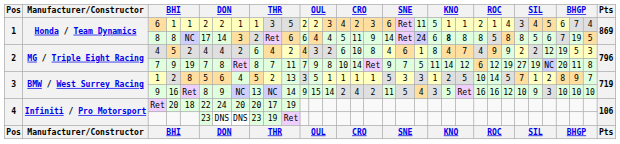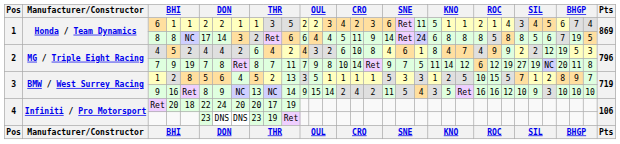 <table class="wikitable" style="font-size: 85%; text-align: center;">
 <tr valign="top">
 <th valign="middle">Pos</th>
 <th valign="middle">Manufacturer/Constructor</th>
 <th colspan="3"><a href='#'>BHI</a></th>
 <th colspan="3"><a href='#'>DON</a></th>
 <th colspan="3"><a href='#'>THR</a></th>
 <th colspan="3"><a href='#'>OUL</a></th>
 <th colspan="3"><a href='#'>CRO</a></th>
 <th colspan="3"><a href='#'>SNE</a></th>
 <th colspan="3"><a href='#'>KNO</a></th>
 <th colspan="3"><a href='#'>ROC</a></th>
 <th colspan="3"><a href='#'>SIL</a></th>
 <th colspan="3"><a href='#'>BHGP</a></th>
 <th valign=middle>Pts</th>
 </tr>
 <tr>
 <th rowspan=2>1</th>
 <th rowspan=2 align=left><a href='#'>Honda</a> / <a href='#'>Team Dynamics</a></th>
 <td style="background:#ffdf9f;">6</td>
 <td style="background:#ffffbf;">1</td>
 <td style="background:#ffffbf;">1</td>
 <td style="background:#ffffbf;">2</td>
 <td style="background:#ffffbf;">2</td>
 <td style="background:#ffffbf;">1</td>
 <td style="background:#ffffbf;">1</td>
 <td style="background:#dfdfdf;">3</td>
 <td style="background:#dfdfdf;">5</td>
 <td style="background:#ffffbf;">2</td>
 <td style="background:#ffffbf;">2</td>
 <td style="background:#ffdf9f;">3</td>
 <td style="background:#ffdf9f;">4</td>
 <td style="background:#ffdf9f;">2</td>
 <td style="background:#ffdf9f;">3</td>
 <td style="background:#ffdf9f;">6</td>
 <td style="background:#efcfff;">Ret</td>
 <td style="background:#dfffdf;">11</td>
 <td style="background:#dfffdf;">5</td>
 <td style="background:#ffffbf;">1</td>
 <td style="background:#ffffbf;">1</td>
 <td style="background:#ffffbf;">2</td>
 <td style="background:#ffffbf;">1</td>
 <td style="background:#ffffbf;">4</td>
 <td style="background:#dfdfdf;">3</td>
 <td style="background:#ffdf9f;">4</td>
 <td style="background:#ffdf9f;">5</td>
 <td style="background:#ffffbf;">6</td>
 <td style="background:#dfdfdf;">7</td>
 <td style="background:#dfdfdf;">4</td>
 <th rowspan=2>869</th>
 </tr>
 <tr>
 <td style="background:#dfffdf;">8</td>
 <td style="background:#dfffdf;">8</td>
 <td style="background:#cfcfff;">NC</td>
 <td style="background:#dfffdf;">17</td>
 <td style="background:#dfffdf;">14</td>
 <td style="background:#ffdf9f;">3</td>
 <td style="background:#dfdfdf;">2</td>
 <td style="background:#efcfff;">Ret</td>
 <td style="background:#ffdf9f;">6</td>
 <td style="background:#dfffdf;">6</td>
 <td style="background:#ffdf9f;">4</td>
 <td style="background:#dfffdf;">4</td>
 <td style="background:#dfffdf;">5</td>
 <td style="background:#dfffdf;">11</td>
 <td style="background:#dfffdf;">9</td>
 <td style="background:#dfffdf;">14</td>
 <td style="background:#efcfff;">Ret</td>
 <td style="background:#cfcfff;">24</td>
 <td style="background:#dfffdf;">6</td>
-<td style="background:#dfffdf;"><strong>8</strong></td>
+<td style="background:#dfffdf;">8</td>
 <td style="background:#dfffdf;">8</td>
 <td style="background:#dfffdf;">8</td>
 <td style="background:#dfdfdf;">5</td>
 <td style="background:#ffdf9f;">8</td>
 <td style="background:#dfffdf;">8</td>
 <td style="background:#dfffdf;">5</td>
 <td style="background:#dfffdf;">6</td>
 <td style="background:#dfdfdf;">7</td>
 <td style="background:#dfffdf;">19</td>
 <td style="background:#ffdf9f;">5</td>
 </tr>
 <tr>
 <th rowspan=2>2</th>
 <th rowspan=2 align=left><a href='#'>MG</a> / <a href='#'>Triple Eight Racing</a></th>
 <td style="background:#dfdfdf;">4</td>
 <td style="background:#ffdf9f;">5</td>
 <td style="background:#dfdfdf;">2</td>
 <td style="background:#dfdfdf;">4</td>
 <td style="background:#dfdfdf;">4</td>
 <td style="background:#dfdfdf;">2</td>
 <td style="background:#dfffdf;">6</td>
 <td style="background:#ffdf9f;">4</td>
 <td style="background:#ffffbf;">2</td>
 <td style="background:#ffdf9f;">4</td>
 <td style="background:#dfdfdf;">3</td>
 <td style="background:#dfdfdf;">2</td>
 <td style="background:#dfffdf;">6</td>
 <td style="background:#dfffdf;">10</td>
 <td style="background:#dfffdf;">8</td>
 <td style="background:#ffffbf;">4</td>
 <td style="background:#ffdf9f;">6</td>
 <td style="background:#ffffbf;">1</td>
 <td style="background:#dfffdf;">8</td>
 <td style="background:#ffdf9f;">4</td>
 <td style="background:#ffdf9f;">7</td>
 <td style="background:#dfdfdf;">4</td>
 <td style="background:#ffdf9f;">9</td>
 <td style="background:#dfffdf;">9</td>
 <td style="background:#ffffbf;">2</td>
 <td style="background:#dfdfdf;">2</td>
 <td style="background:#dfffdf;">12</td>
 <td style="background:#dfffdf;">19</td>
 <td style="background:#ffffbf;">5</td>
 <td style="background:#ffffbf;">3</td>
 <th rowspan=2>796</th>
 </tr>
 <tr>
 <td style="background:#dfffdf;">7</td>
 <td style="background:#dfffdf;">9</td>
 <td style="background:#dfffdf;">19</td>
 <td style="background:#dfffdf;">7</td>
 <td style="background:#dfffdf;">8</td>
 <td style="background:#efcfff;">Ret</td>
 <td style="background:#dfffdf;">8</td>
 <td style="background:#dfffdf;">7</td>
 <td style="background:#dfffdf;">11</td>
 <td style="background:#dfffdf;">7</td>
 <td style="background:#dfffdf;">9</td>
 <td style="background:#dfffdf;">8</td>
 <td style="background:#dfffdf;">10</td>
 <td style="background:#dfffdf;">14</td>
 <td style="background:#efcfff;">Ret</td>
 <td style="background:#dfffdf;">9</td>
 <td style="background:#dfffdf;">7</td>
 <td style="background:#dfffdf;">5</td>
 <td style="background:#dfffdf;">11</td>
 <td style="background:#dfffdf;">14</td>
 <td style="background:#dfffdf;">12</td>
 <td style="background:#ffdf9f;">6</td>
 <td style="background:#dfffdf;">12</td>
 <td style="background:#dfffdf;">19</td>
 <td style="background:#dfffdf;">27</td>
 <td style="background:#dfffdf;">19</td>
 <td style="background:#cfcfff;">NC</td>
 <td style="background:#dfffdf;">20</td>
 <td style="background:#dfffdf;">11</td>
 <td style="background:#dfffdf;">8</td>
 </tr>
 <tr>
 <th rowspan=2>3</th>
 <th rowspan=2 align=left nowrap><a href='#'>BMW</a> / <a href='#'>West Surrey Racing</a></th>
 <td style="background:#ffffbf;">1</td>
 <td style="background:#dfdfdf;">2</td>
 <td style="background:#ffdf9f;">8</td>
 <td style="background:#ffdf9f;">5</td>
 <td style="background:#ffdf9f;">6</td>
 <td style="background:#dfffdf;">4</td>
 <td style="background:#ffdf9f;">5</td>
 <td style="background:#ffffbf;">2</td>
 <td style="background:#dfffdf;">13</td>
 <td style="background:#dfdfdf;">3</td>
 <td style="background:#dfffdf;">5</td>
 <td style="background:#ffffbf;">1</td>
 <td style="background:#ffffbf;">1</td>
 <td style="background:#ffffbf;">1</td>
 <td style="background:#ffffbf;">1</td>
 <td style="background:#dfdfdf;">5</td>
 <td style="background:#ffffbf;">3</td>
 <td style="background:#dfdfdf;">3</td>
 <td style="background:#ffffbf;">1</td>
 <td style="background:#dfdfdf;">2</td>
 <td style="background:#dfdfdf;">5</td>
 <td style="background:#dfffdf;">10</td>
-<td style="background:#dfffdf;">14</td>
+<td style="background:#dfffdf;">15</td>
 <td style="background:#dfdfdf;">5</td>
 <td style="background:#ffdf9f;">7</td>
 <td style="background:#ffffbf;">1</td>
 <td style="background:#ffffbf;">2</td>
 <td style="background:#ffdf9f;">8</td>
 <td style="background:#ffdf9f;">9</td>
 <td style="background:#dfffdf;">7</td>
 <th rowspan=2>719</th>
 </tr>
 <tr>
 <td style="background:#dfffdf;">9</td>
 <td style="background:#dfffdf;">16</td>
 <td style="background:#efcfff;">Ret</td>
 <td style="background:#dfffdf;">8</td>
 <td style="background:#dfffdf;">9</td>
 <td style="background:#cfcfff;">NC</td>
 <td style="background:#dfffdf;">13</td>
 <td style="background:#cfcfff;">NC</td>
 <td style="background:#dfffdf;">14</td>
 <td style="background:#dfffdf;">9</td>
 <td style="background:#dfffdf;">15</td>
 <td style="background:#dfffdf;">14</td>
 <td style="background:#dfdfdf;">2</td>
 <td style="background:#dfdfdf;">4</td>
 <td style="background:#dfdfdf;">2</td>
 <td style="background:#dfffdf;">11</td>
 <td style="background:#dfdfdf;">5</td>
 <td style="background:#ffdf9f;">4</td>
 <td style="background:#dfdfdf;">3</td>
 <td style="background:#dfffdf;">5</td>
 <td style="background:#efcfff;">Ret</td>
 <td style="background:#dfffdf;">16</td>
 <td style="background:#dfffdf;">16</td>
 <td style="background:#dfffdf;">12</td>
 <td style="background:#dfffdf;">10</td>
 <td style="background:#dfffdf;">9</td>
 <td style="background:#dfdfdf;">3</td>
 <td style="background:#dfffdf;">10</td>
 <td style="background:#dfffdf;">10</td>
 <td style="background:#dfffdf;">10</td>
 </tr>
 <tr>
 <th rowspan=2>4</th>
 <th rowspan=2 align=left><a href='#'>Infiniti</a> / <a href='#'>Pro Motorsport</a></th>
 <td style="background:#efcfff;">Ret</td>
 <td style="background:#dfffdf;">20</td>
 <td style="background:#dfffdf;">18</td>
 <td style="background:#dfffdf;">22</td>
 <td style="background:#dfffdf;">24</td>
 <td style="background:#dfffdf;">20</td>
 <td style="background:#dfffdf;">20</td>
 <td style="background:#dfffdf;">17</td>
 <td style="background:#dfffdf;">19</td>
 <td style="background:;"></td>
 <td style="background:;"></td>
 <td style="background:;"></td>
 <td style="background:;"></td>
 <td style="background:;"></td>
 <td style="background:;"></td>
 <td style="background:;"></td>
 <td style="background:;"></td>
 <td style="background:;"></td>
 <td style="background:;"></td>
 <td style="background:;"></td>
 <td style="background:;"></td>
 <td style="background:;"></td>
 <td style="background:;"></td>
 <td style="background:;"></td>
 <td style="background:;"></td>
 <td style="background:;"></td>
 <td style="background:;"></td>
 <td style="background:;"></td>
 <td style="background:;"></td>
 <td style="background:;"></td>
 <th rowspan=2>106</th>
 </tr>
 <tr>
 <td></td>
 <td></td>
 <td></td>
 <td style="background:#dfffdf;">23</td>
 <td style="background:#ffffff;">DNS</td>
 <td style="background:#ffffff;">DNS</td>
 <td style="background:#dfffdf;">23</td>
 <td style="background:#dfffdf;">19</td>
 <td style="background:#efcfff;">Ret</td>
 <td style="background:;"></td>
 <td style="background:;"></td>
 <td style="background:;"></td>
 <td style="background:;"></td>
 <td style="background:;"></td>
 <td style="background:;"></td>
 <td style="background:;"></td>
 <td style="background:;"></td>
 <td style="background:;"></td>
 <td style="background:;"></td>
 <td style="background:;"></td>
 <td style="background:;"></td>
 <td style="background:;"></td>
 <td style="background:;"></td>
 <td style="background:;"></td>
 <td style="background:;"></td>
 <td style="background:;"></td>
 <td style="background:;"></td>
 <td style="background:;"></td>
 <td style="background:;"></td>
 <td style="background:;"></td>
 </tr>
 <tr valign="top">
 <th valign="middle">Pos</th>
 <th valign="middle">Manufacturer/Constructor</th>
 <th colspan="3"><a href='#'>BHI</a></th>
 <th colspan="3"><a href='#'>DON</a></th>
 <th colspan="3"><a href='#'>THR</a></th>
 <th colspan="3"><a href='#'>OUL</a></th>
 <th colspan="3"><a href='#'>CRO</a></th>
 <th colspan="3"><a href='#'>SNE</a></th>
 <th colspan="3"><a href='#'>KNO</a></th>
 <th colspan="3"><a href='#'>ROC</a></th>
 <th colspan="3"><a href='#'>SIL</a></th>
 <th colspan="3"><a href='#'>BHGP</a></th>
 <th valign=middle>Pts</th>
 </tr>
 </table>
